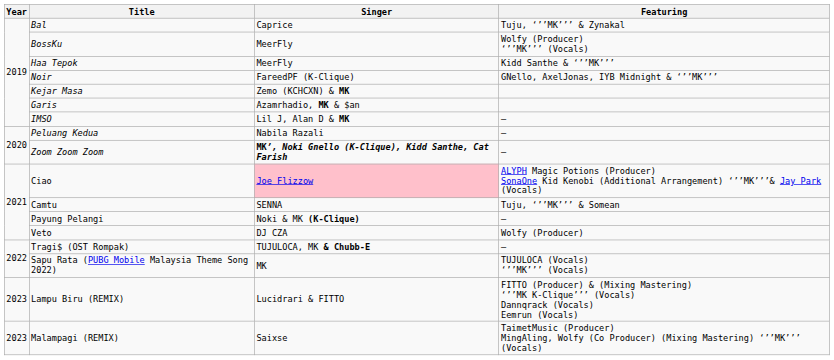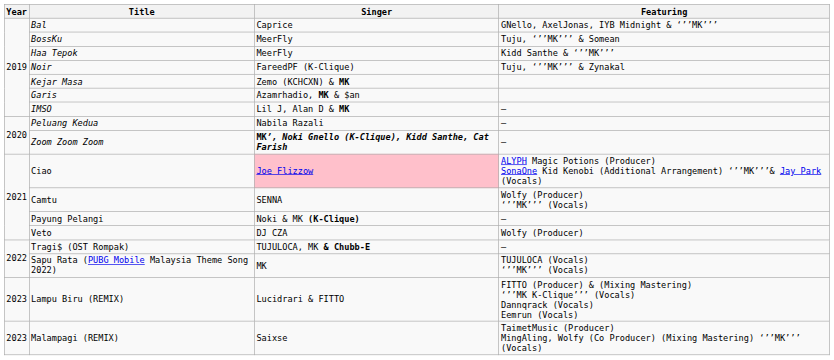 <table class="wikitable sortable">
 <tr>
 <th>Year</th>
 <th>Title</th>
 <th>Singer</th>
 <th>Featuring</th>
 </tr>
 <tr>
 <td rowspan="7">2019</td>
 <td><em>Bal</em></td>
 <td>Caprice</td>
-<td>Tuju, ‘’’MK’’’ & Zynakal</td>
+<td>GNello, AxelJonas, IYB Midnight & ‘’’MK’’’</td>
 </tr>
 <tr>
 <td><em>BossKu</em></td>
 <td>MeerFly</td>
-<td>Wolfy (Producer)<br>‘’’MK’’’ (Vocals)</td>
+<td>Tuju, ‘’’MK’’’ & Somean</td>
 </tr>
 <tr>
 <td><em>Haa Tepok</em></td>
 <td>MeerFly</td>
 <td>Kidd Santhe & ‘’’MK’’’</td>
 </tr>
 <tr>
 <td><em>Noir</em></td>
 <td>FareedPF (K-Clique)</td>
-<td>GNello, AxelJonas, IYB Midnight & ‘’’MK’’’</td>
+<td>Tuju, ‘’’MK’’’ & Zynakal</td>
 </tr>
 <tr>
 <td><em>Kejar Masa</em></td>
 <td>Zemo (KCHCXN) & <strong>MK</strong></td>
 <td></td>
 </tr>
 <tr>
 <td><em>Garis</em></td>
 <td>Azamrhadio, <strong>MK</strong> & $an</td>
 <td></td>
 </tr>
 <tr>
 <td><em>IMSO</em></td>
 <td>Lil J, Alan D & <strong>MK</strong></td>
 <td>—</td>
 </tr>
 <tr>
 <td rowspan="2">2020</td>
 <td><em>Peluang Kedua</em></td>
 <td>Nabila Razali</td>
 <td>—</td>
 </tr>
 <tr>
 <td><em>Zoom Zoom Zoom</em></td>
 <td><strong>MK<em>’, Noki Gnello (K-Clique), Kidd Santhe, Cat Farish</td>
 <td>—</td>
 </tr>
 <tr>
 <td rowspan="4">2021</td>
 <td></em>Ciao<em></td>
 <td style="background: pink;"><a href='#'>Joe Flizzow</a></td>
 <td><a href='#'>ALYPH</a> Magic Potions (Producer)<br><a href='#'>SonaOne</a> Kid Kenobi (Additional Arrangement) ‘’’MK’’’& <a href='#'>Jay Park</a> (Vocals)</td>
 </tr>
 <tr>
 <td></em>Camtu<em></td>
 <td>SENNA</td>
-<td>Tuju, ‘’’MK’’’ & Somean</td>
+<td>Wolfy (Producer)<br>‘’’MK’’’ (Vocals)</td>
 </tr>
 <tr>
 <td></em>Payung Pelangi<em></td>
 <td>Noki & </strong>MK<strong> (K-Clique)</td>
 <td>—</td>
 </tr>
 <tr>
 <td></em>Veto<em></td>
 <td>DJ CZA</td>
 <td>Wolfy (Producer)</td>
 </tr>
 <tr>
 <td rowspan="2">2022</td>
 <td></em>Tragi$ (OST Rompak)<em></td>
 <td>TUJULOCA, </strong>MK<strong> & Chubb-E</td>
 <td>—</td>
 </tr>
 <tr>
 <td></em>Sapu Rata (<a href='#'>PUBG Mobile</a> Malaysia Theme Song 2022)<em></td>
 <td></strong>MK<strong></td>
 <td>TUJULOCA (Vocals)<br>‘’’MK’’’ (Vocals)</td>
 </tr>
 <tr>
 <td>2023</td>
 <td>Lampu Biru (REMIX)</td>
 <td>Lucidrari & FITTO</td>
 <td>FITTO (Producer) & (Mixing Mastering)<br>‘’’MK K-Clique’’’ (Vocals)<br>Dannqrack (Vocals)<br>Eemrun (Vocals)</td>
 </tr>
 <tr>
 <td>2023</td>
 <td>Malampagi (REMIX)</td>
 <td>Saixse</td>
 <td>TaimetMusic (Producer)<br>MingAling, Wolfy (Co Producer)  (Mixing Mastering) ‘’’MK’’’ (Vocals)</td>
 </tr>
 </table>
